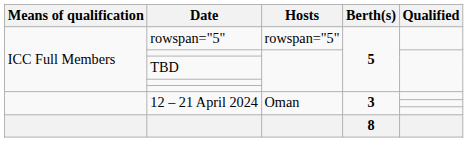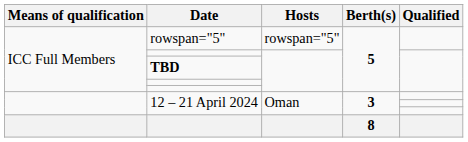 <table class="wikitable">
 <tr>
 <th>Means of qualification</th>
 <th>Date</th>
 <th>Hosts</th>
 <th>Berth(s)</th>
 <th>Qualified</th>
 </tr>
 <tr>
 <td rowspan="5">ICC Full Members</td>
 <td>rowspan="5" </td>
 <td>rowspan="5" </td>
 <td rowspan="5" style="text-align:center;"><strong>5</strong></td>
 <td></td>
 </tr>
 <tr>
 <td></td>
 </tr>
 <tr>
-<td>TBD</td>
+<td><strong>TBD</strong></td>
 </tr>
 <tr>
 <td></td>
 </tr>
 <tr>
 <td></td>
 </tr>
 <tr>
 <td rowspan="3"><a href='#'></a></td>
 <td rowspan="3">12 – 21 April 2024</td>
 <td rowspan="3">Oman</td>
 <td rowspan="3" style="text-align:center;"><strong>3</strong></td>
 <td></td>
 </tr>
 <tr>
 <td></td>
 </tr>
 <tr>
 <td></td>
 </tr>
 <tr>
 <th></th>
 <th></th>
 <th></th>
 <th>8</th>
 <th></th>
 </tr>
 </table>
